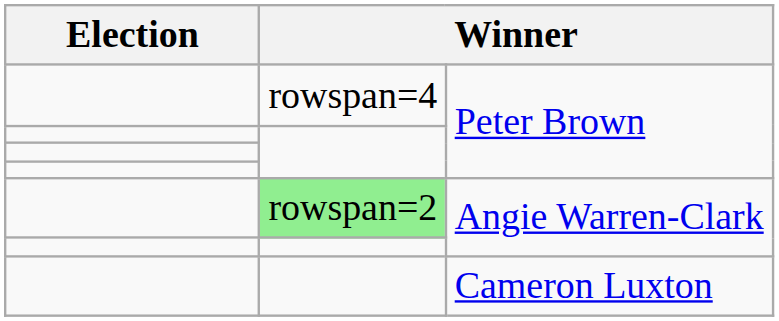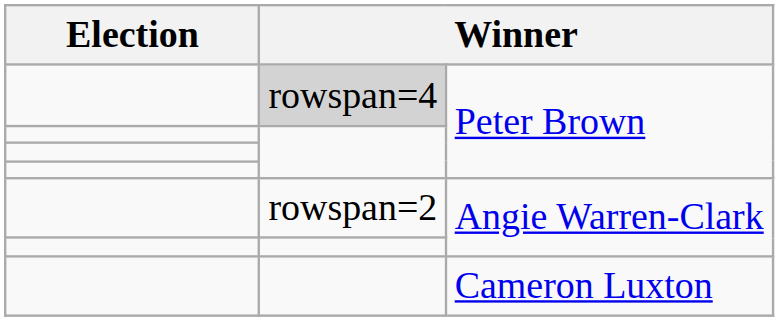 <table class="wikitable">
 <tr>
 <th width=100>Election</th>
 <th style="width:175px;" colspan="2">Winner</th>
 </tr>
 <tr>
 <td></td>
-<td>rowspan=4 </td>
+<td style="background: lightgrey;">rowspan=4 </td>
 <td rowspan=4><a href='#'>Peter Brown</a></td>
 </tr>
 <tr>
 <td></td>
 </tr>
 <tr>
 <td></td>
 </tr>
 <tr>
 <td></td>
 </tr>
 <tr>
 <td></td>
-<td style="background: lightgreen;">rowspan=2 </td>
+<td>rowspan=2 </td>
 <td rowspan=2><a href='#'>Angie Warren-Clark</a></td>
 </tr>
 <tr>
 <td></td>
 </tr>
 <tr>
 <td></td>
 <td></td>
 <td><a href='#'>Cameron Luxton</a></td>
 </tr>
 </table>
